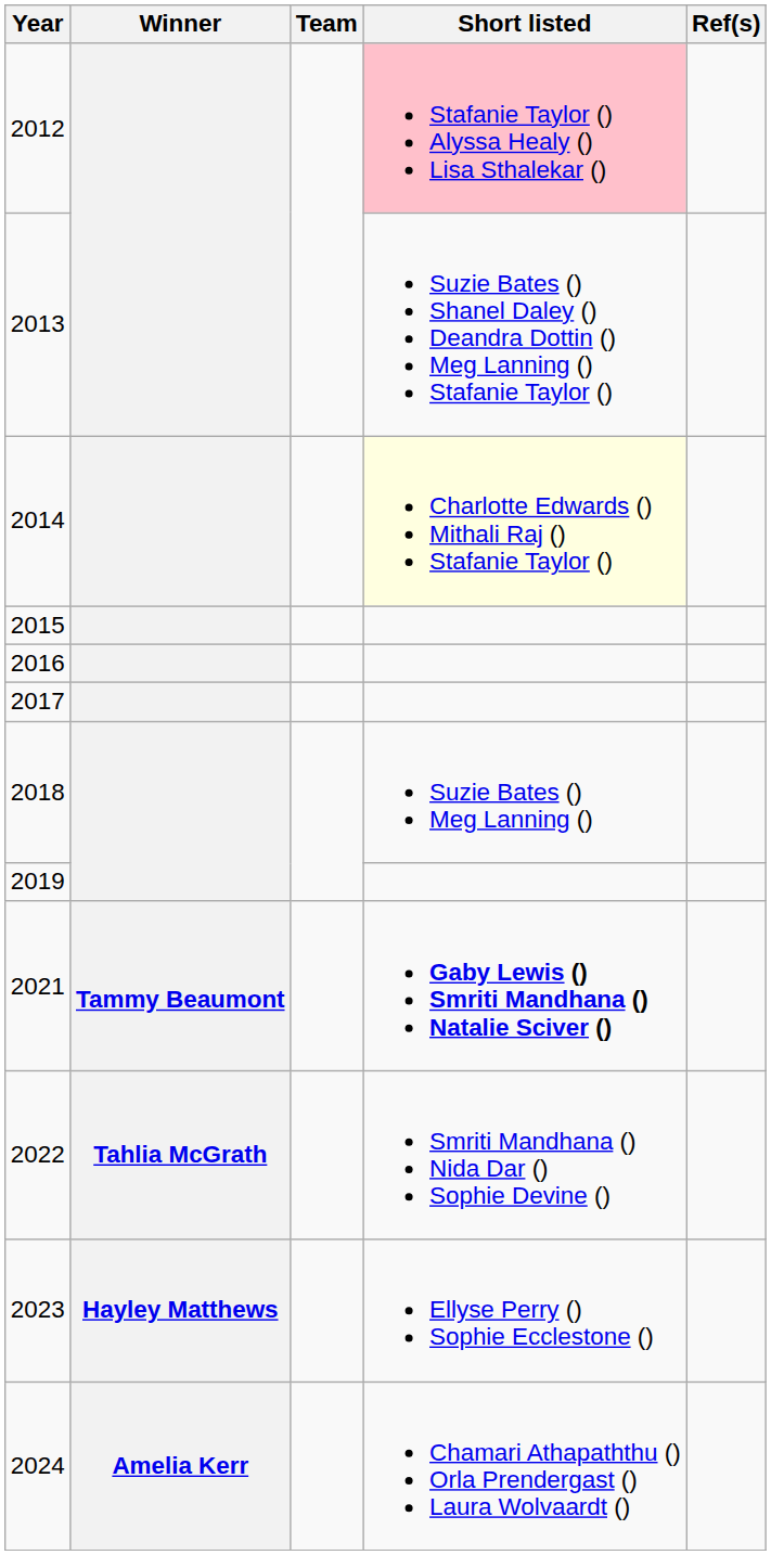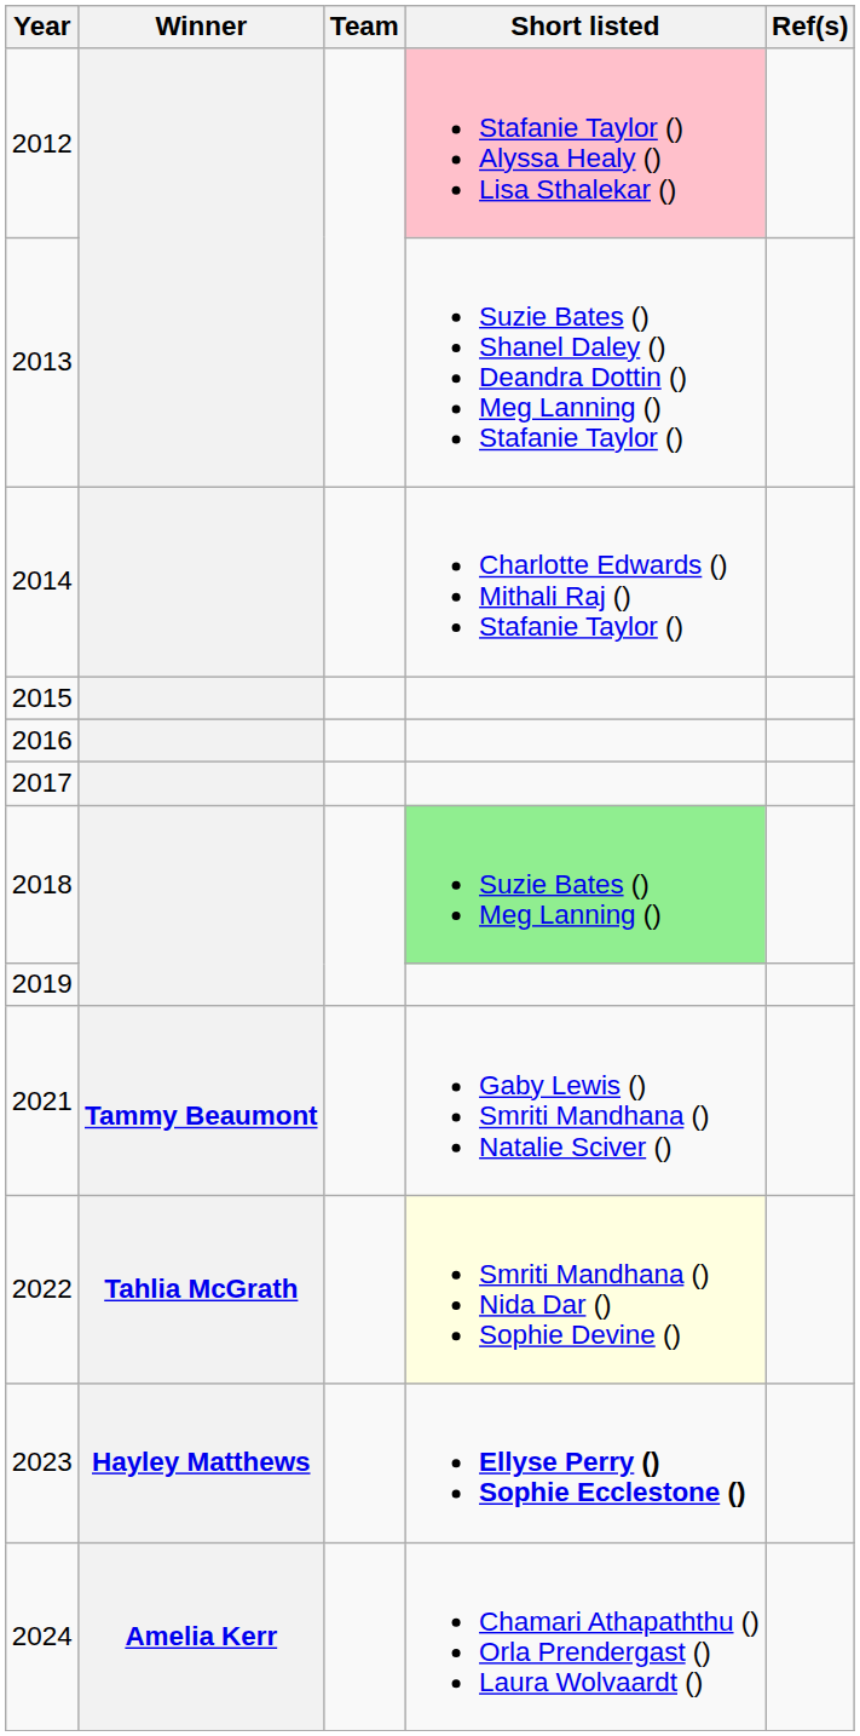 <table class="wikitable sortable plainrowheaders">
 <tr>
 <th>Year</th>
 <th>Winner</th>
 <th>Team</th>
 <th class="unsortable">Short listed</th>
 <th class="unsortable">Ref(s)</th>
 </tr>
 <tr>
 <td>2012</td>
 <th scope="row" rowspan=2></th>
 <td rowspan=2></td>
 <td style="background: pink;"><br><ul><li><a href='#'>Stafanie Taylor</a> ()</li><li><a href='#'>Alyssa Healy</a> ()</li><li><a href='#'>Lisa Sthalekar</a> ()</li></ul></td>
 <td></td>
 </tr>
 <tr>
 <td>2013</td>
 <td><br><ul><li><a href='#'>Suzie Bates</a> ()</li><li><a href='#'>Shanel Daley</a> ()</li><li><a href='#'>Deandra Dottin</a> ()</li><li><a href='#'>Meg Lanning</a> ()</li><li><a href='#'>Stafanie Taylor</a> ()</li></ul></td>
 <td></td>
 </tr>
 <tr>
 <td>2014</td>
 <th scope="row"></th>
 <td></td>
-<td style="background: lightyellow;"><br><ul><li><a href='#'>Charlotte Edwards</a> ()</li><li><a href='#'>Mithali Raj</a> ()</li><li><a href='#'>Stafanie Taylor</a> ()</li></ul></td>
+<td><br><ul><li><a href='#'>Charlotte Edwards</a> ()</li><li><a href='#'>Mithali Raj</a> ()</li><li><a href='#'>Stafanie Taylor</a> ()</li></ul></td>
 <td></td>
 </tr>
 <tr>
 <td>2015</td>
 <th scope="row"></th>
 <td></td>
 <td></td>
 <td></td>
 </tr>
 <tr>
 <td>2016</td>
 <th scope="row"></th>
 <td></td>
 <td></td>
 <td></td>
 </tr>
 <tr>
 <td>2017</td>
 <th scope="row"></th>
 <td></td>
 <td></td>
 <td></td>
 </tr>
 <tr>
 <td>2018</td>
 <th scope="row" rowspan=2></th>
 <td rowspan=2></td>
-<td><br><ul><li><a href='#'>Suzie Bates</a> ()</li><li><a href='#'>Meg Lanning</a> ()</li></ul></td>
+<td style="background: lightgreen;"><br><ul><li><a href='#'>Suzie Bates</a> ()</li><li><a href='#'>Meg Lanning</a> ()</li></ul></td>
 <td></td>
 </tr>
 <tr>
 <td>2019</td>
 <td></td>
 <td></td>
 </tr>
 <tr>
 <td>2021</td>
 <th scope="row"><br><a href='#'>Tammy Beaumont</a></th>
 <td></td>
-<td><strong><br><ul><li><a href='#'>Gaby Lewis</a> ()</li><li><a href='#'>Smriti Mandhana</a> ()</li><li><a href='#'>Natalie Sciver</a> ()</li></ul></strong></td>
+<td><br><ul><li><a href='#'>Gaby Lewis</a> ()</li><li><a href='#'>Smriti Mandhana</a> ()</li><li><a href='#'>Natalie Sciver</a> ()</li></ul></td>
 <td></td>
 </tr>
 <tr>
 <td>2022</td>
 <th scope="row"><a href='#'>Tahlia McGrath</a></th>
 <td></td>
-<td><br><ul><li><a href='#'>Smriti Mandhana</a> ()</li><li><a href='#'>Nida Dar</a> ()</li><li><a href='#'>Sophie Devine</a> ()</li></ul></td>
+<td style="background: lightyellow;"><br><ul><li><a href='#'>Smriti Mandhana</a> ()</li><li><a href='#'>Nida Dar</a> ()</li><li><a href='#'>Sophie Devine</a> ()</li></ul></td>
 <td></td>
 </tr>
 <tr>
 <td>2023</td>
 <th scope="row"><a href='#'>Hayley Matthews</a></th>
 <td></td>
-<td><br><ul><li><a href='#'>Ellyse Perry</a> ()</li><li><a href='#'>Sophie Ecclestone</a> ()</li></ul></td>
+<td><strong><br><ul><li><a href='#'>Ellyse Perry</a> ()</li><li><a href='#'>Sophie Ecclestone</a> ()</li></ul></strong></td>
 <td></td>
 </tr>
 <tr>
 <td>2024</td>
 <th scope="row"><a href='#'>Amelia Kerr</a></th>
 <td></td>
 <td><br><ul><li><a href='#'>Chamari Athapaththu</a> ()</li><li><a href='#'>Orla Prendergast</a> ()</li><li><a href='#'>Laura Wolvaardt</a> ()</li></ul></td>
 <td></td>
 </tr>
 <tr>
 </tr>
 </table>
